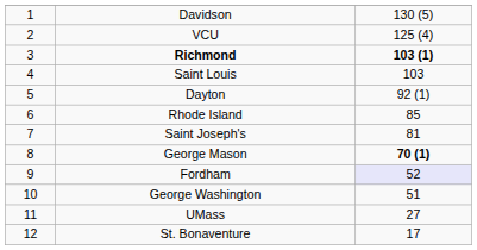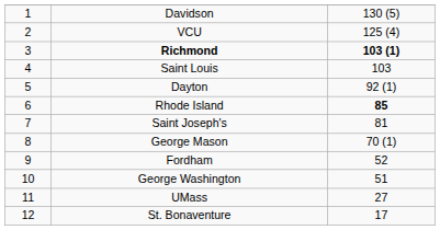 <table class="wikitable" style="width: 30%;text-align: center;">
 <tr align="center">
 </tr>
 <tr align="center">
 <td>1</td>
 <td>Davidson</td>
 <td>130 (5)</td>
 </tr>
 <tr>
 <td>2</td>
 <td>VCU</td>
 <td>125 (4)</td>
 </tr>
 <tr>
 <td>3</td>
 <td><strong>Richmond</strong></td>
 <td><strong>103 (1)</strong></td>
 </tr>
 <tr>
 <td>4</td>
 <td>Saint Louis</td>
 <td>103</td>
 </tr>
 <tr>
 <td>5</td>
 <td>Dayton</td>
 <td>92 (1)</td>
 </tr>
 <tr>
 <td>6</td>
 <td>Rhode Island</td>
-<td>85</td>
+<td><strong>85</strong></td>
 </tr>
 <tr>
 <td>7</td>
 <td>Saint Joseph's</td>
 <td>81</td>
 </tr>
 <tr>
 <td>8</td>
 <td>George Mason</td>
-<td><strong>70 (1)</strong></td>
+<td>70 (1)</td>
 </tr>
 <tr>
 <td>9</td>
 <td>Fordham</td>
-<td style="background: lavender;">52</td>
+<td>52</td>
 </tr>
 <tr>
 <td>10</td>
 <td>George Washington</td>
 <td>51</td>
 </tr>
 <tr>
 <td>11</td>
 <td>UMass</td>
 <td>27</td>
 </tr>
 <tr>
 <td>12</td>
 <td>St. Bonaventure</td>
 <td>17</td>
 </tr>
 </table>
